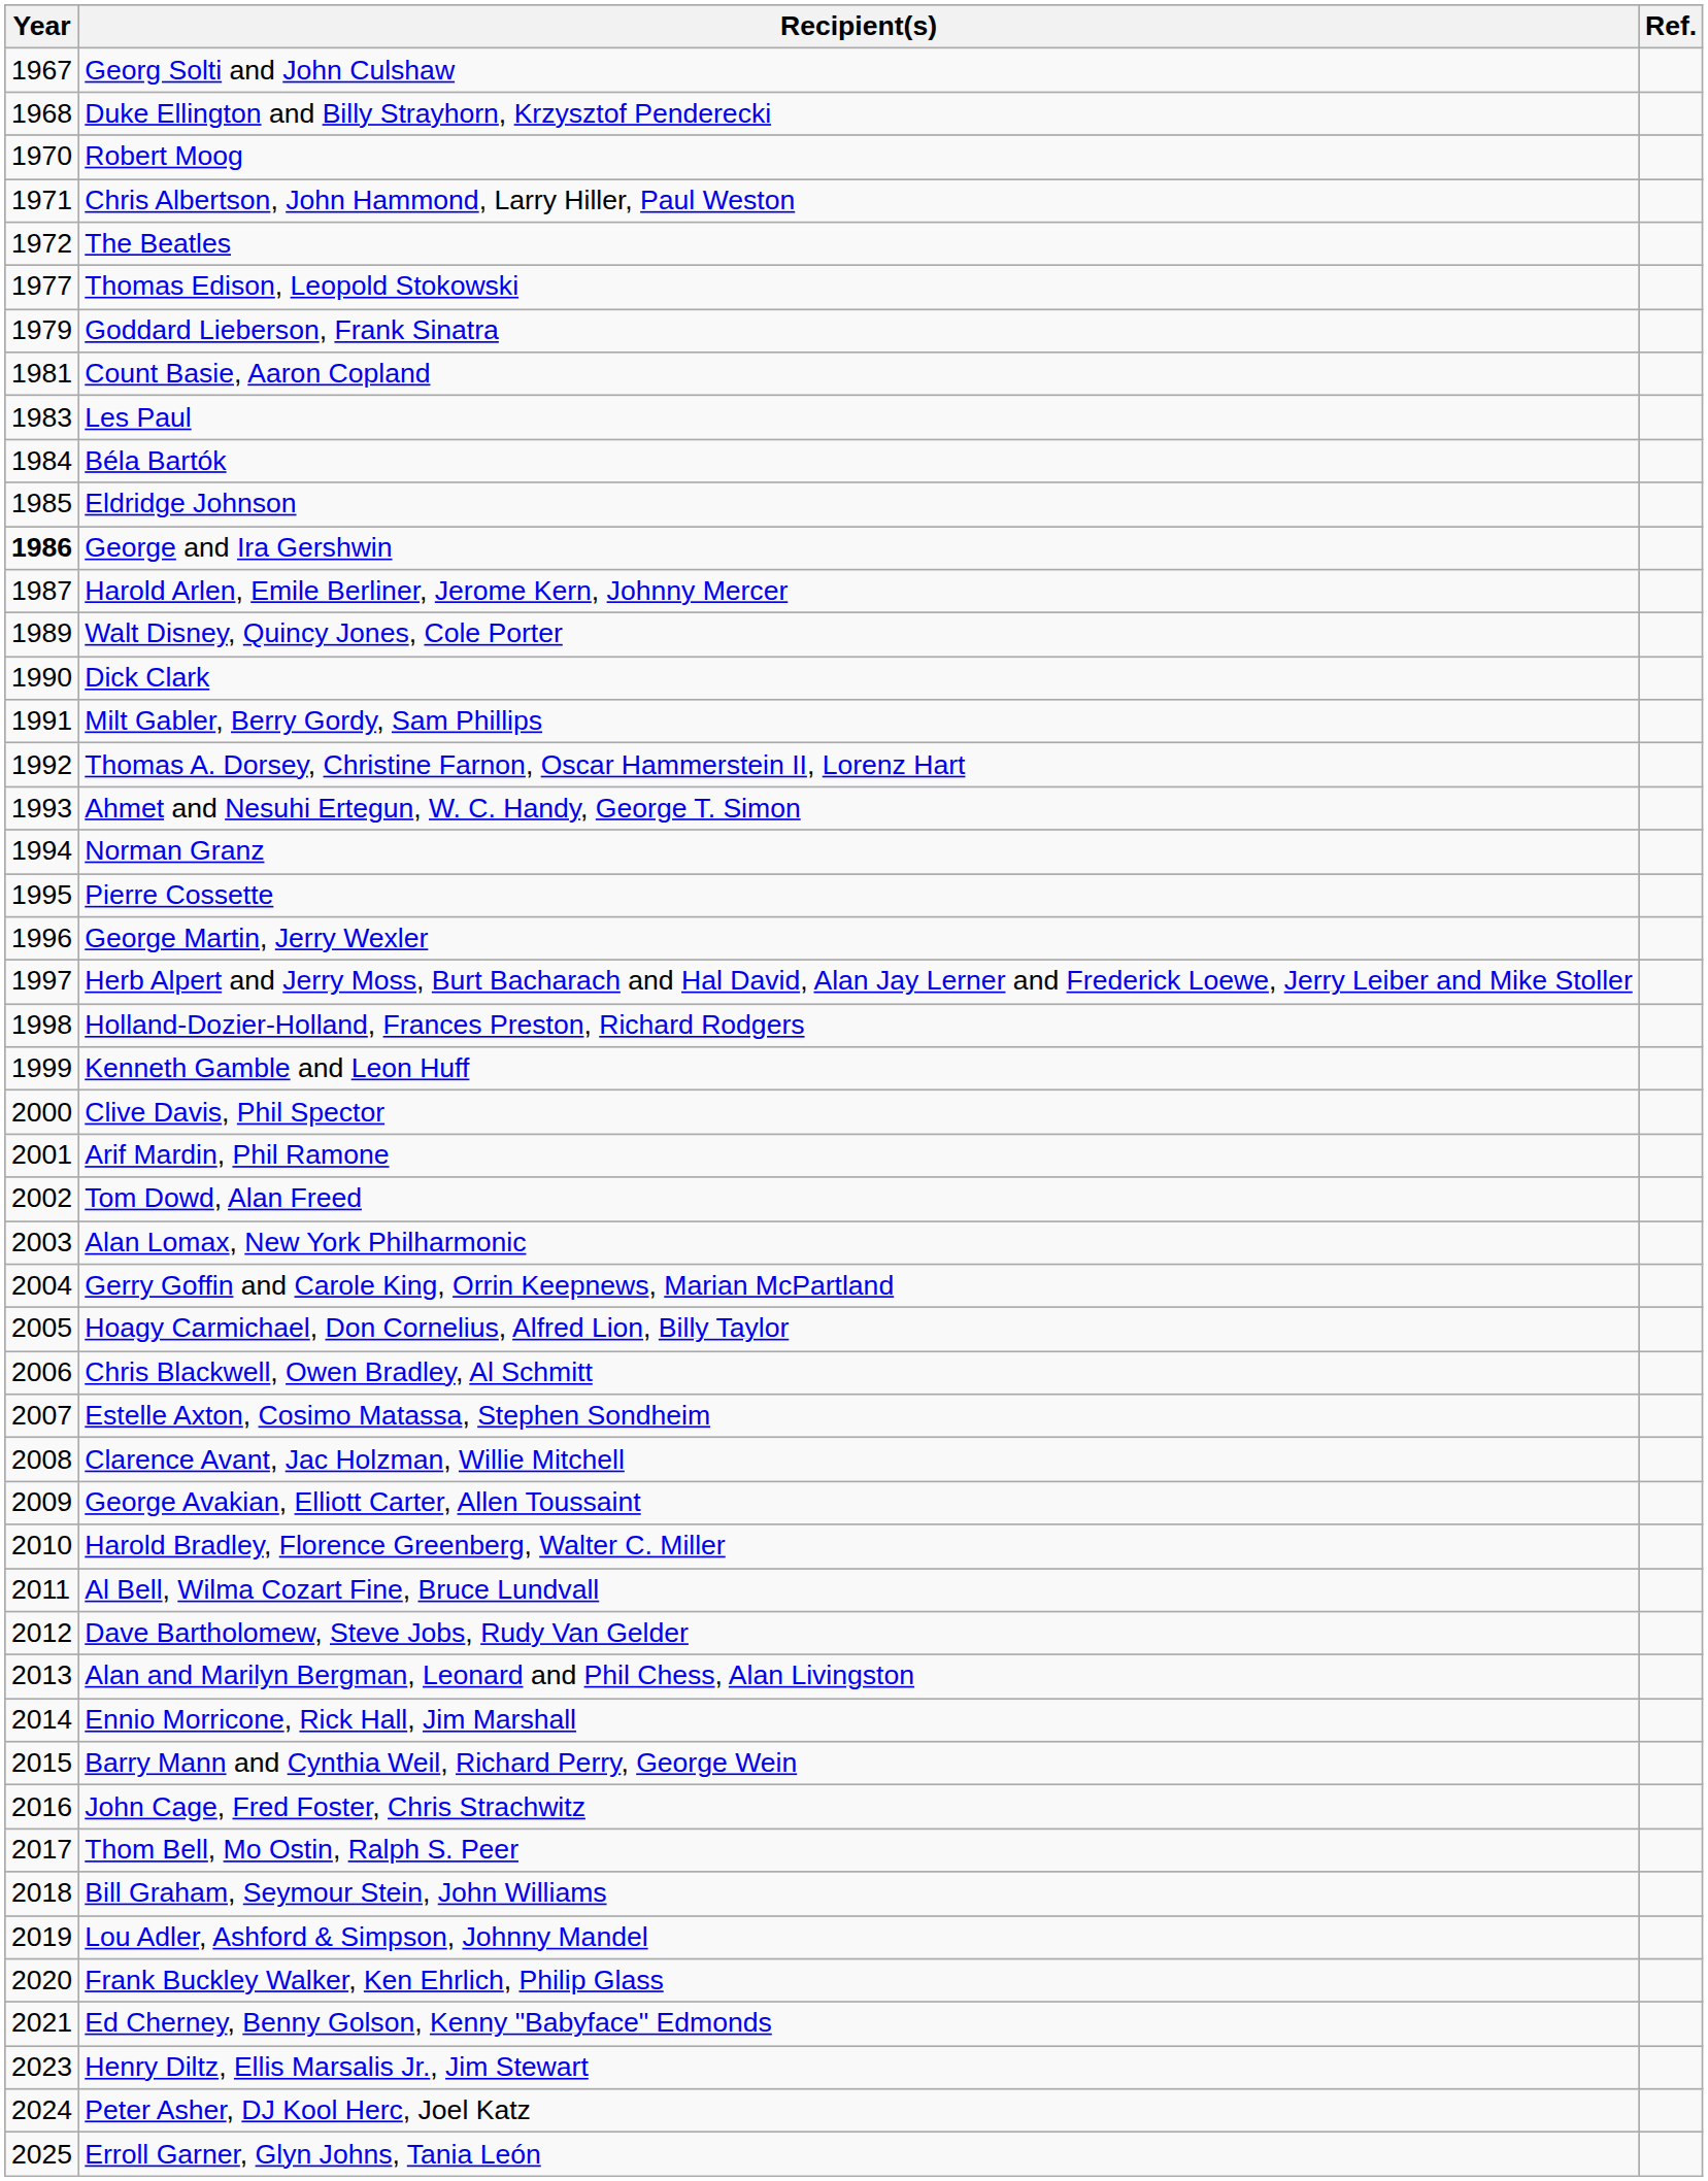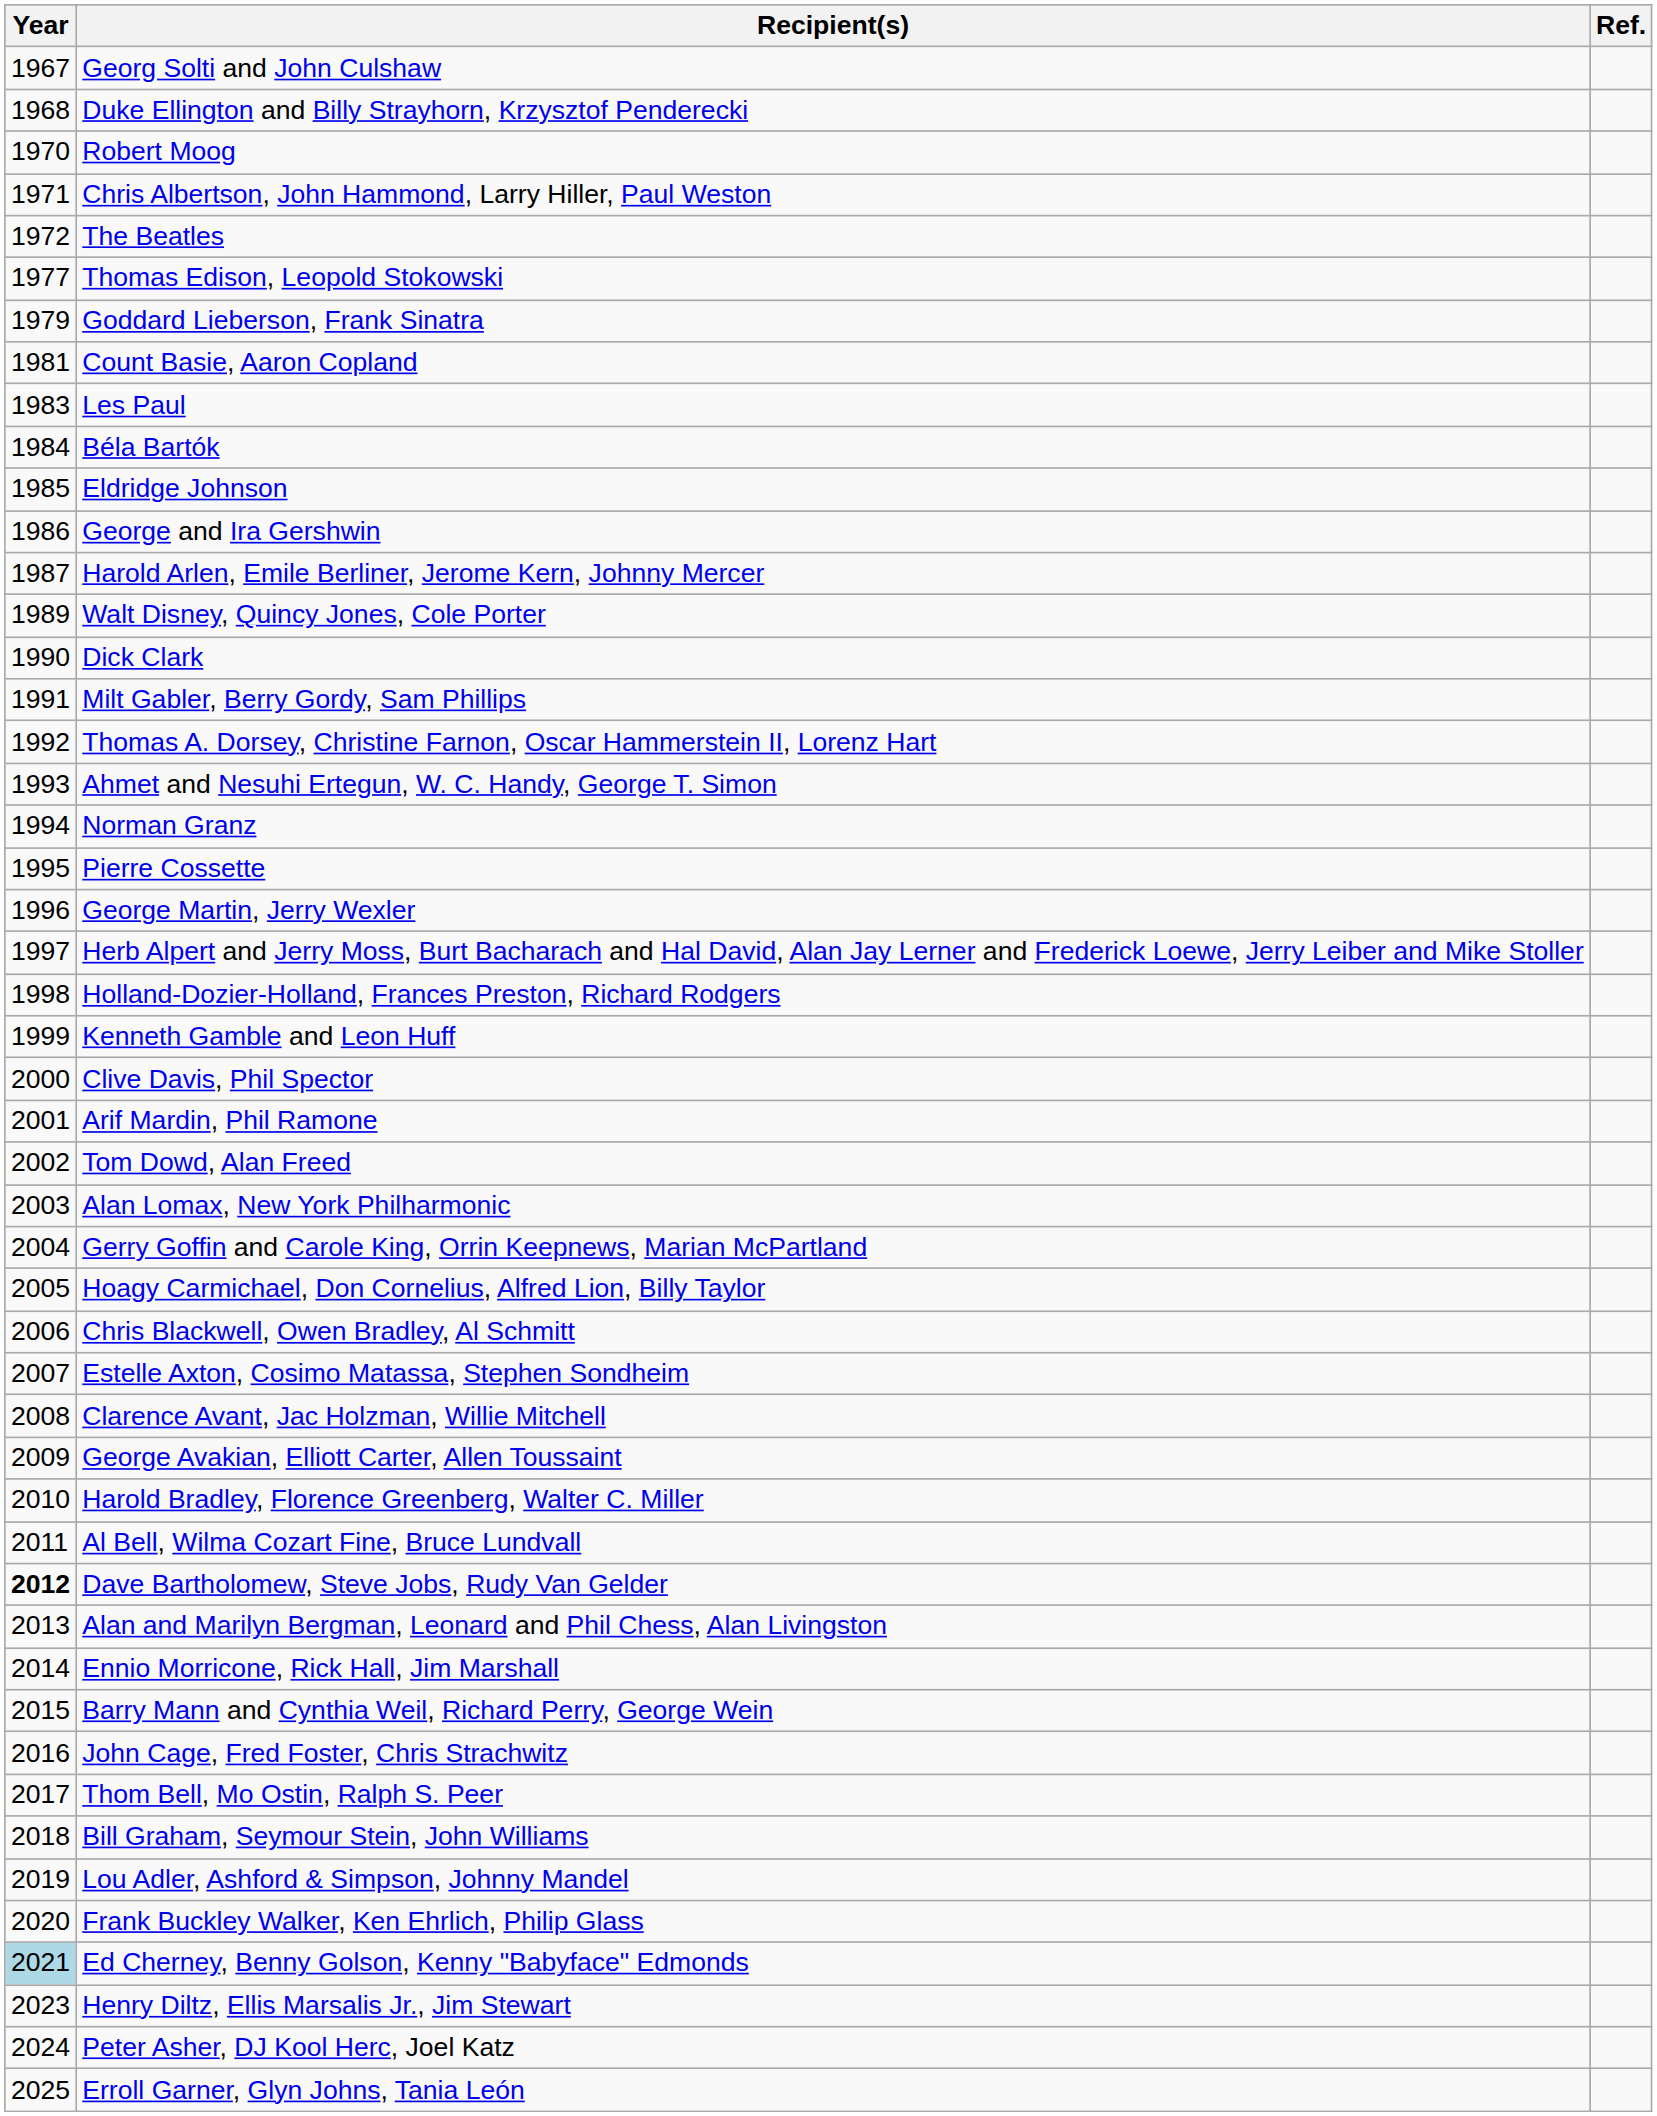 <table class="wikitable sortable">
 <tr>
 <th>Year</th>
 <th>Recipient(s)</th>
 <th class="unsortable">Ref.</th>
 </tr>
 <tr>
 <td>1967</td>
 <td><a href='#'>Georg Solti</a> and <a href='#'>John Culshaw</a></td>
 <td></td>
 </tr>
 <tr>
 <td>1968</td>
 <td><a href='#'>Duke Ellington</a> and <a href='#'>Billy Strayhorn</a>, <a href='#'>Krzysztof Penderecki</a></td>
 <td></td>
 </tr>
 <tr>
 <td>1970</td>
 <td><a href='#'>Robert Moog</a></td>
 <td></td>
 </tr>
 <tr>
 <td>1971</td>
 <td><a href='#'>Chris Albertson</a>, <a href='#'>John Hammond</a>, Larry Hiller, <a href='#'>Paul Weston</a></td>
 <td></td>
 </tr>
 <tr>
 <td>1972</td>
 <td><a href='#'>The Beatles</a></td>
 <td></td>
 </tr>
 <tr>
 <td>1977</td>
 <td><a href='#'>Thomas Edison</a>, <a href='#'>Leopold Stokowski</a></td>
 <td></td>
 </tr>
 <tr>
 <td>1979</td>
 <td><a href='#'>Goddard Lieberson</a>, <a href='#'>Frank Sinatra</a></td>
 <td></td>
 </tr>
 <tr>
 <td>1981</td>
 <td><a href='#'>Count Basie</a>, <a href='#'>Aaron Copland</a></td>
 <td></td>
 </tr>
 <tr>
 <td>1983</td>
 <td><a href='#'>Les Paul</a></td>
 <td></td>
 </tr>
 <tr>
 <td>1984</td>
 <td><a href='#'>Béla Bartók</a></td>
 <td></td>
 </tr>
 <tr>
 <td>1985</td>
 <td><a href='#'>Eldridge Johnson</a></td>
 <td></td>
 </tr>
 <tr>
-<td><strong>1986</strong></td>
+<td>1986</td>
 <td><a href='#'>George</a> and <a href='#'>Ira Gershwin</a></td>
 <td></td>
 </tr>
 <tr>
 <td>1987</td>
 <td><a href='#'>Harold Arlen</a>, <a href='#'>Emile Berliner</a>, <a href='#'>Jerome Kern</a>, <a href='#'>Johnny Mercer</a></td>
 <td></td>
 </tr>
 <tr>
 <td>1989</td>
 <td><a href='#'>Walt Disney</a>, <a href='#'>Quincy Jones</a>, <a href='#'>Cole Porter</a></td>
 <td></td>
 </tr>
 <tr>
 <td>1990</td>
 <td><a href='#'>Dick Clark</a></td>
 <td></td>
 </tr>
 <tr>
 <td>1991</td>
 <td><a href='#'>Milt Gabler</a>, <a href='#'>Berry Gordy</a>, <a href='#'>Sam Phillips</a></td>
 <td></td>
 </tr>
 <tr>
 <td>1992</td>
 <td><a href='#'>Thomas A. Dorsey</a>, <a href='#'>Christine Farnon</a>, <a href='#'>Oscar Hammerstein II</a>, <a href='#'>Lorenz Hart</a></td>
 <td></td>
 </tr>
 <tr>
 <td>1993</td>
 <td><a href='#'>Ahmet</a> and <a href='#'>Nesuhi Ertegun</a>, <a href='#'>W. C. Handy</a>, <a href='#'>George T. Simon</a></td>
 <td></td>
 </tr>
 <tr>
 <td>1994</td>
 <td><a href='#'>Norman Granz</a></td>
 <td></td>
 </tr>
 <tr>
 <td>1995</td>
 <td><a href='#'>Pierre Cossette</a></td>
 <td></td>
 </tr>
 <tr>
 <td>1996</td>
 <td><a href='#'>George Martin</a>, <a href='#'>Jerry Wexler</a></td>
 <td></td>
 </tr>
 <tr>
 <td>1997</td>
 <td><a href='#'>Herb Alpert</a> and <a href='#'>Jerry Moss</a>, <a href='#'>Burt Bacharach</a> and <a href='#'>Hal David</a>, <a href='#'>Alan Jay Lerner</a> and <a href='#'>Frederick Loewe</a>, <a href='#'>Jerry Leiber and Mike Stoller</a></td>
 <td></td>
 </tr>
 <tr>
 <td>1998</td>
 <td><a href='#'>Holland-Dozier-Holland</a>, <a href='#'>Frances Preston</a>, <a href='#'>Richard Rodgers</a></td>
 <td></td>
 </tr>
 <tr>
 <td>1999</td>
 <td><a href='#'>Kenneth Gamble</a> and <a href='#'>Leon Huff</a></td>
 <td></td>
 </tr>
 <tr>
 <td>2000</td>
 <td><a href='#'>Clive Davis</a>, <a href='#'>Phil Spector</a></td>
 <td></td>
 </tr>
 <tr>
 <td>2001</td>
 <td><a href='#'>Arif Mardin</a>, <a href='#'>Phil Ramone</a></td>
 <td></td>
 </tr>
 <tr>
 <td>2002</td>
 <td><a href='#'>Tom Dowd</a>, <a href='#'>Alan Freed</a></td>
 <td></td>
 </tr>
 <tr>
 <td>2003</td>
 <td><a href='#'>Alan Lomax</a>, <a href='#'>New York Philharmonic</a></td>
 <td></td>
 </tr>
 <tr>
 <td>2004</td>
 <td><a href='#'>Gerry Goffin</a> and <a href='#'>Carole King</a>, <a href='#'>Orrin Keepnews</a>, <a href='#'>Marian McPartland</a></td>
 <td></td>
 </tr>
 <tr>
 <td>2005</td>
 <td><a href='#'>Hoagy Carmichael</a>, <a href='#'>Don Cornelius</a>, <a href='#'>Alfred Lion</a>, <a href='#'>Billy Taylor</a></td>
 <td></td>
 </tr>
 <tr>
 <td>2006</td>
 <td><a href='#'>Chris Blackwell</a>, <a href='#'>Owen Bradley</a>, <a href='#'>Al Schmitt</a></td>
 <td></td>
 </tr>
 <tr>
 <td>2007</td>
 <td><a href='#'>Estelle Axton</a>, <a href='#'>Cosimo Matassa</a>, <a href='#'>Stephen Sondheim</a></td>
 <td></td>
 </tr>
 <tr>
 <td>2008</td>
 <td><a href='#'>Clarence Avant</a>, <a href='#'>Jac Holzman</a>, <a href='#'>Willie Mitchell</a></td>
 <td></td>
 </tr>
 <tr>
 <td>2009</td>
 <td><a href='#'>George Avakian</a>, <a href='#'>Elliott Carter</a>, <a href='#'>Allen Toussaint</a></td>
 <td></td>
 </tr>
 <tr>
 <td>2010</td>
 <td><a href='#'>Harold Bradley</a>, <a href='#'>Florence Greenberg</a>, <a href='#'>Walter C. Miller</a></td>
 <td></td>
 </tr>
 <tr>
 <td>2011</td>
 <td><a href='#'>Al Bell</a>, <a href='#'>Wilma Cozart Fine</a>, <a href='#'>Bruce Lundvall</a></td>
 <td></td>
 </tr>
 <tr>
-<td>2012</td>
+<td><strong>2012</strong></td>
 <td><a href='#'>Dave Bartholomew</a>, <a href='#'>Steve Jobs</a>, <a href='#'>Rudy Van Gelder</a></td>
 <td></td>
 </tr>
 <tr>
 <td>2013</td>
 <td><a href='#'>Alan and Marilyn Bergman</a>, <a href='#'>Leonard</a> and <a href='#'>Phil Chess</a>, <a href='#'>Alan Livingston</a></td>
 <td></td>
 </tr>
 <tr>
 <td>2014</td>
 <td><a href='#'>Ennio Morricone</a>, <a href='#'>Rick Hall</a>, <a href='#'>Jim Marshall</a></td>
 <td style="text-align:center;"></td>
 </tr>
 <tr>
 <td>2015</td>
 <td><a href='#'>Barry Mann</a> and <a href='#'>Cynthia Weil</a>, <a href='#'>Richard Perry</a>, <a href='#'>George Wein</a></td>
 <td></td>
 </tr>
 <tr>
 <td>2016</td>
 <td><a href='#'>John Cage</a>, <a href='#'>Fred Foster</a>, <a href='#'>Chris Strachwitz</a></td>
 <td></td>
 </tr>
 <tr>
 <td>2017</td>
 <td><a href='#'>Thom Bell</a>, <a href='#'>Mo Ostin</a>, <a href='#'>Ralph S. Peer</a></td>
 <td></td>
 </tr>
 <tr>
 <td>2018</td>
 <td><a href='#'>Bill Graham</a>, <a href='#'>Seymour Stein</a>, <a href='#'>John Williams</a></td>
 <td></td>
 </tr>
 <tr>
 <td>2019</td>
 <td><a href='#'>Lou Adler</a>, <a href='#'>Ashford & Simpson</a>, <a href='#'>Johnny Mandel</a></td>
 <td></td>
 </tr>
 <tr>
 <td>2020</td>
 <td><a href='#'>Frank Buckley Walker</a>, <a href='#'>Ken Ehrlich</a>, <a href='#'>Philip Glass</a></td>
 <td></td>
 </tr>
 <tr>
-<td>2021</td>
+<td style="background: lightblue;">2021</td>
 <td><a href='#'>Ed Cherney</a>, <a href='#'>Benny Golson</a>, <a href='#'>Kenny "Babyface" Edmonds</a></td>
 <td></td>
 </tr>
 <tr>
 <td>2023</td>
 <td><a href='#'>Henry Diltz</a>, <a href='#'>Ellis Marsalis Jr.</a>, <a href='#'>Jim Stewart</a></td>
 <td></td>
 </tr>
 <tr>
 <td>2024</td>
 <td><a href='#'>Peter Asher</a>, <a href='#'>DJ Kool Herc</a>, Joel Katz</td>
 <td></td>
 </tr>
 <tr>
 <td>2025</td>
 <td><a href='#'>Erroll Garner</a>, <a href='#'>Glyn Johns</a>, <a href='#'>Tania León</a></td>
 <td style="text-align:center;"></td>
 </tr>
 </table>
